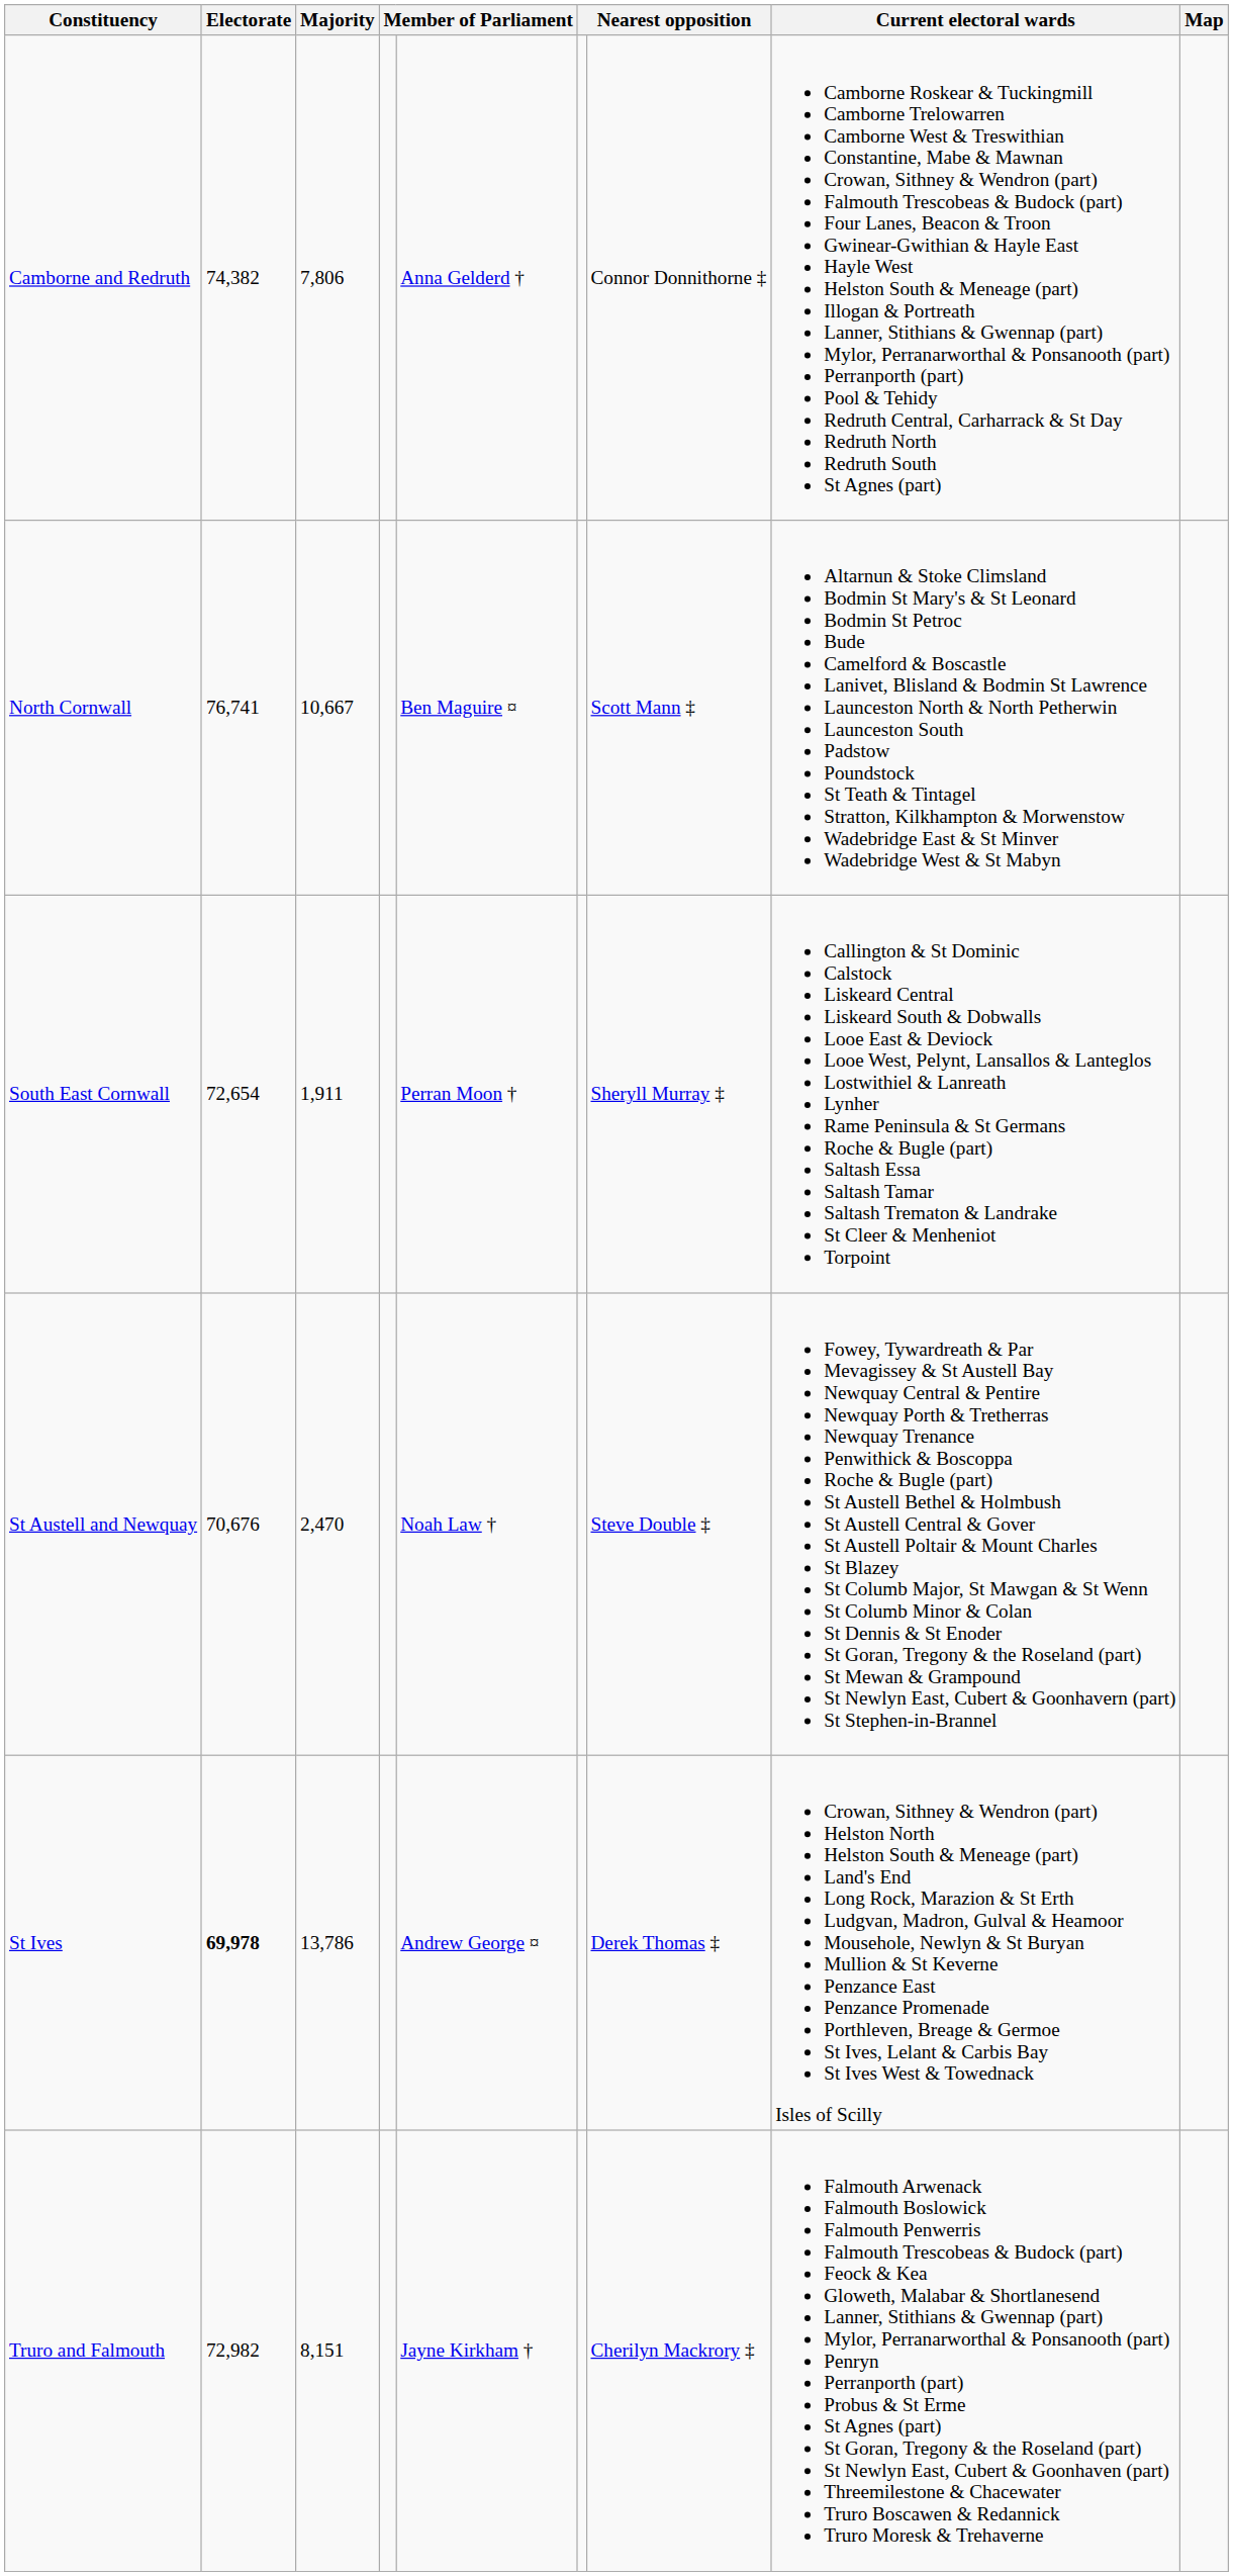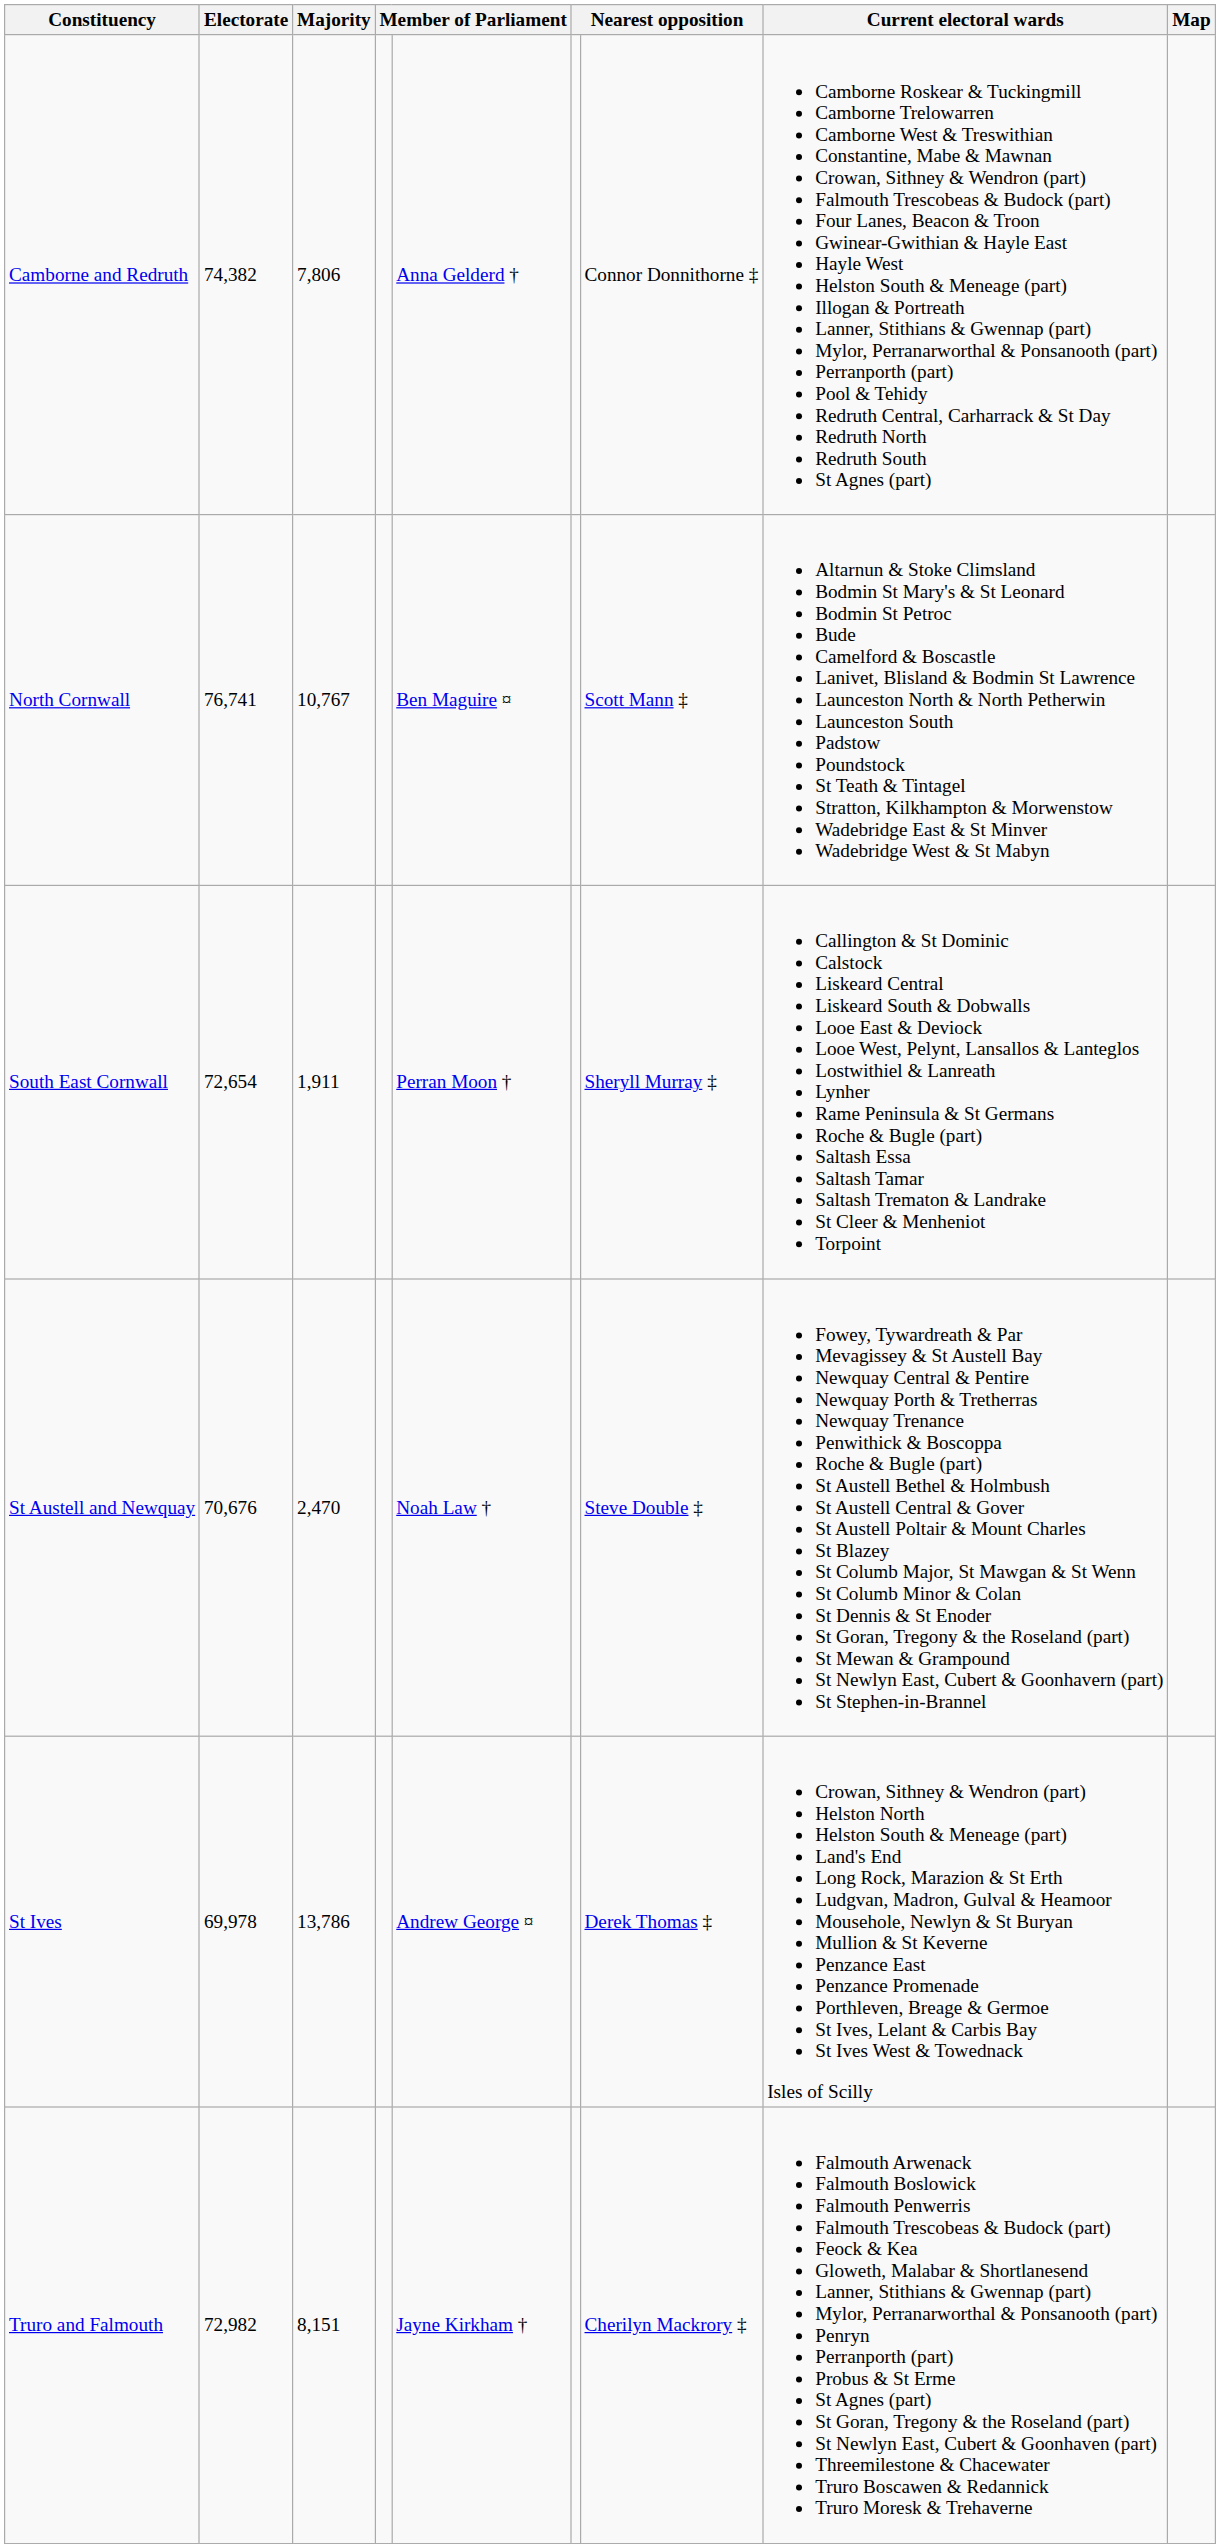 <table class="wikitable sortable">
 <tr>
 <th>Constituency</th>
 <th rowspan=1>Electorate</th>
 <th rowspan=1>Majority</th>
 <th colspan=2 class=unsortable>Member of Parliament</th>
 <th colspan=2 class=unsortable>Nearest opposition</th>
 <th rowspan=1 class=unsortable>Current electoral wards</th>
 <th rowspan=1 class=unsortable>Map</th>
 </tr>
 <tr>
 <td><a href='#'>Camborne and Redruth</a></td>
 <td>74,382</td>
 <td>7,806</td>
 <td style="color:inherit;background:"> </td>
 <td><a href='#'>Anna Gelderd</a> †</td>
 <td style="color:inherit;background:"></td>
 <td>Connor Donnithorne ‡</td>
 <td><br><ul><li>Camborne Roskear & Tuckingmill</li><li>Camborne Trelowarren</li><li>Camborne West & Treswithian</li><li>Constantine, Mabe & Mawnan</li><li>Crowan, Sithney & Wendron (part)</li><li>Falmouth Trescobeas & Budock (part)</li><li>Four Lanes, Beacon & Troon</li><li>Gwinear-Gwithian & Hayle East</li><li>Hayle West</li><li>Helston South & Meneage (part)</li><li>Illogan & Portreath</li><li>Lanner, Stithians & Gwennap (part)</li><li>Mylor, Perranarworthal & Ponsanooth (part)</li><li>Perranporth (part)</li><li>Pool & Tehidy</li><li>Redruth Central, Carharrack & St Day</li><li>Redruth North</li><li>Redruth South</li><li>St Agnes (part)</li></ul></td>
 <td></td>
 </tr>
 <tr>
 <td><a href='#'>North Cornwall</a></td>
 <td>76,741</td>
-<td>10,667</td>
+<td>10,767</td>
 <td style="color:inherit;background:"></td>
 <td><a href='#'>Ben Maguire</a> ¤</td>
 <td style="color:inherit;background:"></td>
 <td><a href='#'>Scott Mann</a> ‡</td>
 <td><br><ul><li>Altarnun & Stoke Climsland</li><li>Bodmin St Mary's & St Leonard</li><li>Bodmin St Petroc</li><li>Bude</li><li>Camelford & Boscastle</li><li>Lanivet, Blisland & Bodmin St Lawrence</li><li>Launceston North & North Petherwin</li><li>Launceston South</li><li>Padstow</li><li>Poundstock</li><li>St Teath & Tintagel</li><li>Stratton, Kilkhampton & Morwenstow</li><li>Wadebridge East & St Minver</li><li>Wadebridge West & St Mabyn</li></ul></td>
 <td></td>
 </tr>
 <tr>
 <td><a href='#'>South East Cornwall</a></td>
 <td>72,654</td>
 <td>1,911</td>
 <td style="color:inherit;background:"> </td>
 <td><a href='#'>Perran Moon</a> †</td>
 <td style="color:inherit;background:"></td>
 <td><a href='#'>Sheryll Murray</a> ‡</td>
 <td><br><ul><li>Callington & St Dominic</li><li>Calstock</li><li>Liskeard Central</li><li>Liskeard South & Dobwalls</li><li>Looe East & Deviock</li><li>Looe West, Pelynt, Lansallos & Lanteglos</li><li>Lostwithiel & Lanreath</li><li>Lynher</li><li>Rame Peninsula & St Germans</li><li>Roche & Bugle (part)</li><li>Saltash Essa</li><li>Saltash Tamar</li><li>Saltash Trematon & Landrake</li><li>St Cleer & Menheniot</li><li>Torpoint</li></ul></td>
 <td></td>
 </tr>
 <tr>
 <td><a href='#'>St Austell and Newquay</a></td>
 <td>70,676</td>
 <td>2,470</td>
 <td style="color:inherit;background:"></td>
 <td><a href='#'>Noah Law</a> †</td>
 <td style="color:inherit;background:"></td>
 <td><a href='#'>Steve Double</a> ‡</td>
 <td><br><ul><li>Fowey, Tywardreath & Par</li><li>Mevagissey & St Austell Bay</li><li>Newquay Central & Pentire</li><li>Newquay Porth & Tretherras</li><li>Newquay Trenance</li><li>Penwithick & Boscoppa</li><li>Roche & Bugle (part)</li><li>St Austell Bethel & Holmbush</li><li>St Austell Central & Gover</li><li>St Austell Poltair & Mount Charles</li><li>St Blazey</li><li>St Columb Major, St Mawgan & St Wenn</li><li>St Columb Minor & Colan</li><li>St Dennis & St Enoder</li><li>St Goran, Tregony & the Roseland (part)</li><li>St Mewan & Grampound</li><li>St Newlyn East, Cubert & Goonhavern (part)</li><li>St Stephen-in-Brannel</li></ul></td>
 <td></td>
 </tr>
 <tr>
 <td><a href='#'>St Ives</a></td>
-<td><strong>69,978</strong></td>
+<td>69,978</td>
 <td>13,786</td>
 <td style="color:inherit;background:"></td>
 <td><a href='#'>Andrew George</a> ¤</td>
 <td style="color:inherit;background:"></td>
 <td><a href='#'>Derek Thomas</a> ‡</td>
 <td><br><ul><li>Crowan, Sithney & Wendron (part)</li><li>Helston North</li><li>Helston South & Meneage (part)</li><li>Land's End</li><li>Long Rock, Marazion & St Erth</li><li>Ludgvan, Madron, Gulval & Heamoor</li><li>Mousehole, Newlyn & St Buryan</li><li>Mullion & St Keverne</li><li>Penzance East</li><li>Penzance Promenade</li><li>Porthleven, Breage & Germoe</li><li>St Ives, Lelant & Carbis Bay</li><li>St Ives West & Towednack</li></ul>Isles of Scilly</td>
 <td></td>
 </tr>
 <tr>
 <td><a href='#'>Truro and Falmouth</a></td>
 <td>72,982</td>
 <td>8,151</td>
 <td style="color:inherit;background:"> </td>
 <td><a href='#'>Jayne Kirkham</a> †</td>
 <td style="color:inherit;background:"></td>
 <td><a href='#'>Cherilyn Mackrory</a> ‡</td>
 <td><br><ul><li>Falmouth Arwenack</li><li>Falmouth Boslowick</li><li>Falmouth Penwerris</li><li>Falmouth Trescobeas & Budock (part)</li><li>Feock & Kea</li><li>Gloweth, Malabar & Shortlanesend</li><li>Lanner, Stithians & Gwennap (part)</li><li>Mylor, Perranarworthal & Ponsanooth (part)</li><li>Penryn</li><li>Perranporth (part)</li><li>Probus & St Erme</li><li>St Agnes (part)</li><li>St Goran, Tregony & the Roseland (part)</li><li>St Newlyn East, Cubert & Goonhaven (part)</li><li>Threemilestone & Chacewater</li><li>Truro Boscawen & Redannick</li><li>Truro Moresk & Trehaverne</li></ul></td>
 <td></td>
 </tr>
 <tr>
 </tr>
 </table>
